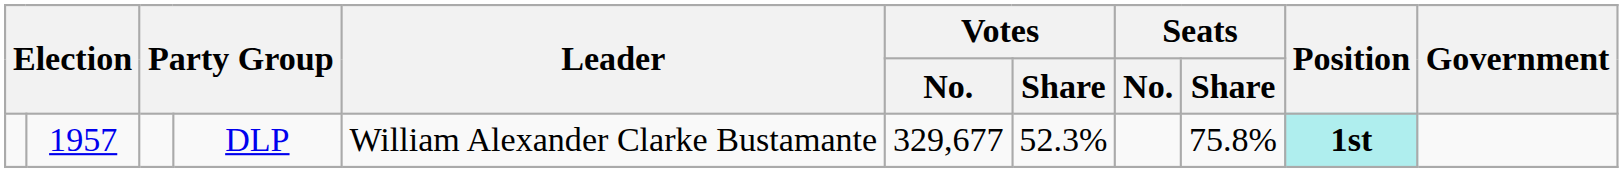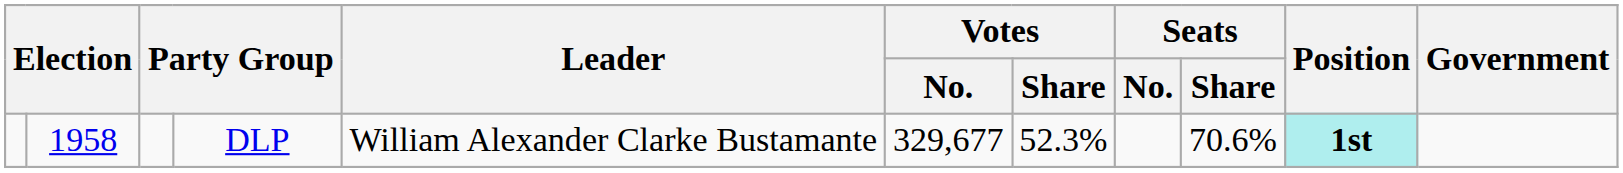 <table class="wikitable" style="text-align:center">
 <tr>
 <th colspan="2" rowspan="2">Election</th>
 <th colspan=3 rowspan=2>Party Group</th>
 <th rowspan=2>Leader</th>
 <th colspan=2>Votes</th>
 <th colspan="2">Seats</th>
 <th rowspan=2>Position</th>
 <th rowspan="2">Government</th>
 </tr>
 <tr>
 <th>No.</th>
 <th>Share</th>
 <th>No.</th>
 <th>Share</th>
 </tr>
 <tr>
 <td></td>
-<td><a href='#'>1957</a></td>
+<td><a href='#'>1958</a></td>
 <td colspan="2" style="background:"></td>
 <td><a href='#'>DLP</a></td>
 <td>William Alexander Clarke Bustamante</td>
 <td style="text-align:right;">329,677</td>
 <td style="text-align:right;">52.3%</td>
 <td></td>
-<td style="text-align:right;">75.8%</td>
+<td style="text-align:right;">70.6%</td>
 <td style="background: paleturquoise;"><strong>1st</strong></td>
 <td></td>
 </tr>
 </table>
